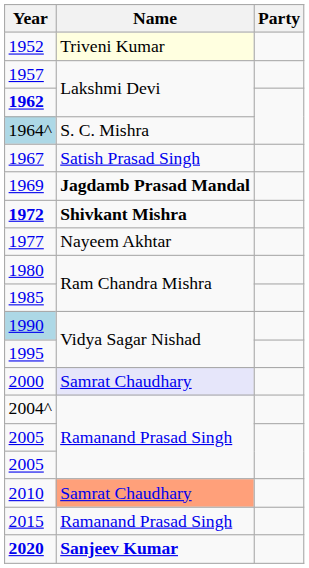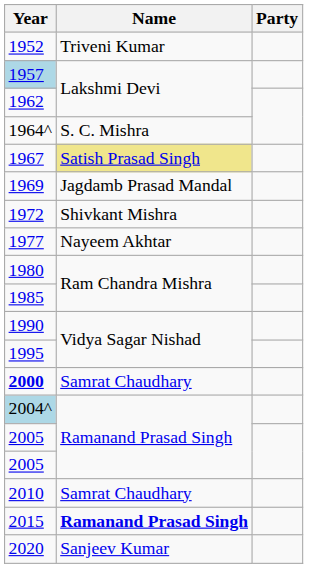 <table class="wikitable sortable">
 <tr>
 <th>Year</th>
 <th>Name</th>
 <th colspan="2">Party</th>
 </tr>
 <tr>
 <td><a href='#'>1952</a></td>
-<td style="background: lightyellow;">Triveni Kumar</td>
+<td>Triveni Kumar</td>
 <td></td>
 </tr>
 <tr>
-<td><a href='#'>1957</a></td>
+<td style="background: lightblue;"><a href='#'>1957</a></td>
 <td rowspan="2">Lakshmi Devi</td>
 <td></td>
 </tr>
 <tr>
-<td><strong><a href='#'>1962</a></strong></td>
+<td><a href='#'>1962</a></td>
 </tr>
 <tr>
-<td style="background: lightblue;">1964^</td>
+<td>1964^</td>
 <td>S. C. Mishra</td>
 </tr>
 <tr>
 <td><a href='#'>1967</a></td>
-<td><a href='#'>Satish Prasad Singh</a></td>
+<td style="background: khaki;"><a href='#'>Satish Prasad Singh</a></td>
 <td></td>
 </tr>
 <tr>
 <td><a href='#'>1969</a></td>
-<td><strong>Jagdamb Prasad Mandal</strong></td>
+<td>Jagdamb Prasad Mandal</td>
 <td></td>
 </tr>
 <tr>
-<td><strong><a href='#'>1972</a></strong></td>
-<td><strong>Shivkant Mishra</strong></td>
+<td><a href='#'>1972</a></td>
+<td>Shivkant Mishra</td>
 </tr>
 <tr>
 <td><a href='#'>1977</a></td>
 <td>Nayeem Akhtar</td>
 <td></td>
 </tr>
 <tr>
 <td><a href='#'>1980</a></td>
 <td rowspan="2">Ram Chandra Mishra</td>
 <td></td>
 </tr>
 <tr>
 <td><a href='#'>1985</a></td>
 <td></td>
 </tr>
 <tr>
-<td style="background: lightblue;"><a href='#'>1990</a></td>
+<td><a href='#'>1990</a></td>
 <td rowspan="2">Vidya Sagar Nishad</td>
 <td></td>
 </tr>
 <tr>
 <td><a href='#'>1995</a></td>
 </tr>
 <tr>
-<td><a href='#'>2000</a></td>
-<td style="background: lavender;"><a href='#'>Samrat Chaudhary</a></td>
+<td><strong><a href='#'>2000</a></strong></td>
+<td><a href='#'>Samrat Chaudhary</a></td>
 <td></td>
 </tr>
 <tr>
-<td>2004^</td>
+<td style="background: lightblue;">2004^</td>
 <td rowspan="3"><a href='#'>Ramanand Prasad Singh</a></td>
 <td></td>
 </tr>
 <tr>
 <td><a href='#'>2005</a></td>
 </tr>
 <tr>
 <td><a href='#'>2005</a></td>
 </tr>
 <tr>
 <td><a href='#'>2010</a></td>
-<td style="background: lightsalmon;"><a href='#'>Samrat Chaudhary</a></td>
+<td><a href='#'>Samrat Chaudhary</a></td>
 <td></td>
 </tr>
 <tr>
 <td><a href='#'>2015</a></td>
-<td><a href='#'>Ramanand Prasad Singh</a></td>
+<td><strong><a href='#'>Ramanand Prasad Singh</a></strong></td>
 <td></td>
 </tr>
 <tr>
-<td><strong><a href='#'>2020</a></strong></td>
-<td><strong><a href='#'>Sanjeev Kumar</a></strong></td>
+<td><a href='#'>2020</a></td>
+<td><a href='#'>Sanjeev Kumar</a></td>
 </tr>
 </table>
